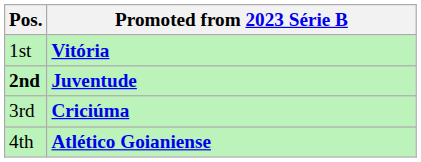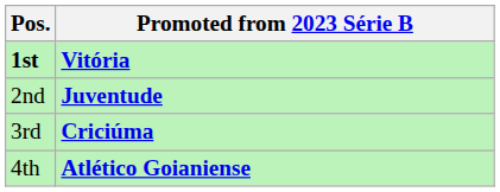 <table class="wikitable">
 <tr>
 <th style="text-align:center;">Pos.</th>
 <th width=300>Promoted from <a href='#'>2023 Série B</a></th>
 </tr>
 <tr style="background: #BBF3BB;">
-<td>1st</td>
+<td><strong>1st</strong></td>
 <td><strong><a href='#'>Vitória</a></strong></td>
 </tr>
 <tr style="background: #BBF3BB;">
-<td><strong>2nd</strong></td>
+<td>2nd</td>
 <td><strong><a href='#'>Juventude</a></strong></td>
 </tr>
 <tr style="background: #BBF3BB;">
 <td>3rd</td>
 <td><strong><a href='#'>Criciúma</a></strong></td>
 </tr>
 <tr style="background: #BBF3BB;">
 <td>4th</td>
 <td><strong><a href='#'>Atlético Goianiense</a></strong></td>
 </tr>
 </table>
